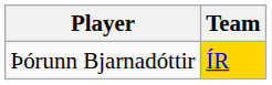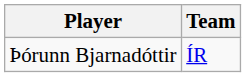 <table class="wikitable">
 <tr>
 <th align="center">Player</th>
 <th align="center">Team</th>
 </tr>
 <tr>
 <td> Þórunn Bjarnadóttir</td>
-<td style="background: gold;"><a href='#'>ÍR</a></td>
+<td><a href='#'>ÍR</a></td>
 </tr>
 </table>
